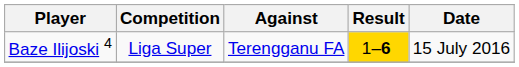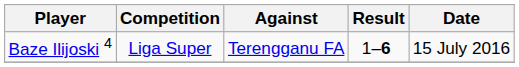 <table class="wikitable sortable" style="font-size: 95%; text-align: center;">
 <tr>
 <th>Player</th>
 <th>Competition</th>
 <th>Against</th>
 <th>Result</th>
 <th>Date</th>
 </tr>
 <tr>
 <td> <a href='#'>Baze Ilijoski</a> <sup>4</sup></td>
 <td><a href='#'>Liga Super</a></td>
 <td><a href='#'>Terengganu FA</a></td>
-<td style="background: gold;">1–<strong>6</strong> </td>
+<td>1–<strong>6</strong> </td>
 <td>15 July 2016</td>
 </tr>
 <tr>
 </tr>
 </table>
